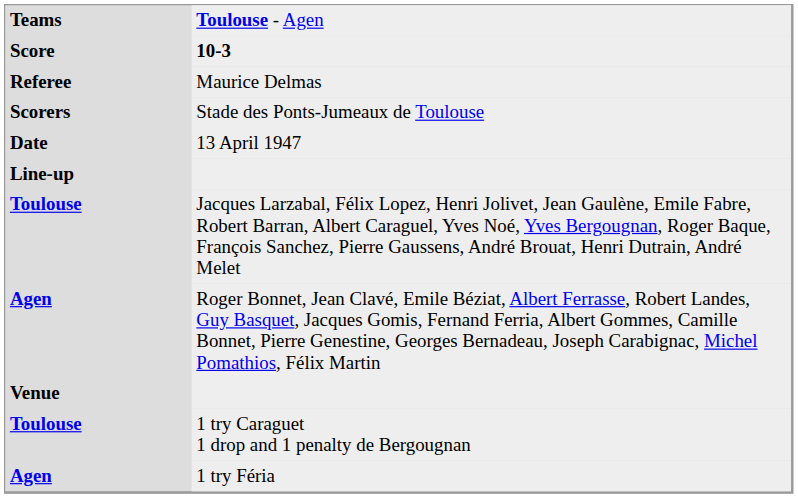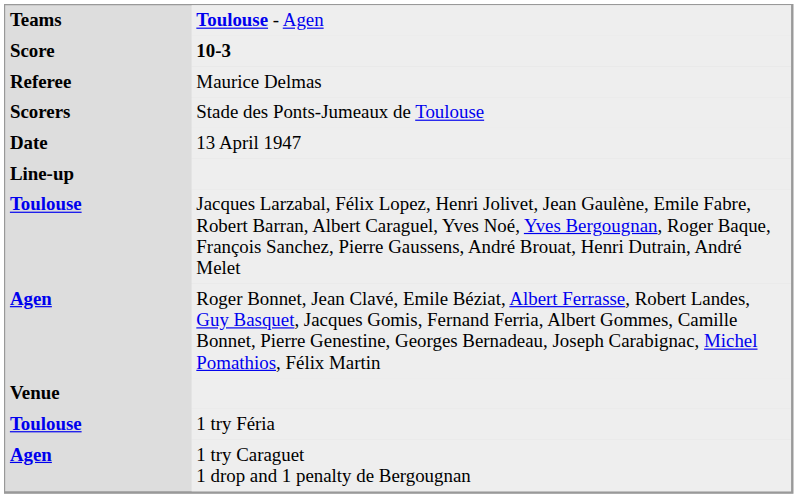 <table align="left" cellpadding="4" cellspacing="0"  style="margin: 0 0 0 0; border: 1px solid #999; border-right-width: 2px; border-bottom-width: 2px; background-color: #DDDDDD">
 <tr>
 <td width="150" valign="top"><strong>Teams</strong></td>
 <td width="500" bgcolor=#EEEEEE><strong><a href='#'>Toulouse</a></strong> - <a href='#'>Agen</a></td>
 </tr>
 <tr>
 <td valign="top"><strong>Score</strong></td>
 <td bgcolor=#EEEEEE><strong>10-3</strong></td>
 </tr>
 <tr>
 <td valign="top"><strong>Referee</strong></td>
 <td bgcolor=#EEEEEE>Maurice Delmas</td>
 </tr>
 <tr>
 <td valign="top"><strong>Scorers</strong></td>
 <td bgcolor=#EEEEEE>Stade des Ponts-Jumeaux de <a href='#'>Toulouse</a></td>
 </tr>
 <tr>
 <td valign="top"><strong>Date</strong></td>
 <td bgcolor=#EEEEEE>13 April 1947</td>
 </tr>
 <tr>
 <td valign="top"><strong>Line-up</strong></td>
 <td bgcolor=#EEEEEE></td>
 </tr>
 <tr>
 <td valign="top"><strong><a href='#'>Toulouse</a> </strong></td>
 <td bgcolor=#EEEEEE>Jacques Larzabal, Félix Lopez, Henri Jolivet, Jean Gaulène, Emile Fabre, Robert Barran, Albert Caraguel, Yves Noé, <a href='#'>Yves Bergougnan</a>, Roger Baque, François Sanchez, Pierre Gaussens, André Brouat, Henri Dutrain, André Melet</td>
 </tr>
 <tr>
 <td valign="top"><strong><a href='#'>Agen</a> </strong></td>
 <td bgcolor=#EEEEEE>Roger Bonnet, Jean Clavé, Emile Béziat, <a href='#'>Albert Ferrasse</a>, Robert Landes, <a href='#'>Guy Basquet</a>, Jacques Gomis, Fernand Ferria, Albert Gommes, Camille Bonnet, Pierre Genestine, Georges Bernadeau, Joseph Carabignac, <a href='#'>Michel Pomathios</a>, Félix Martin</td>
 </tr>
 <tr>
 <td valign="top"><strong>Venue</strong></td>
 <td bgcolor=#EEEEEE></td>
 </tr>
 <tr>
 <td valign="top"><strong><a href='#'>Toulouse</a> </strong></td>
-<td bgcolor=#EEEEEE>1 try Caraguet<br>1 drop and 1 penalty de Bergougnan</td>
+<td bgcolor=#EEEEEE>1 try Féria</td>
 </tr>
 <tr>
 <td valign="top"><strong><a href='#'>Agen</a> </strong></td>
-<td bgcolor=#EEEEEE>1 try Féria</td>
+<td bgcolor=#EEEEEE>1 try Caraguet<br>1 drop and 1 penalty de Bergougnan</td>
 </tr>
 </table>
